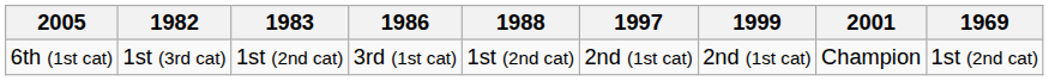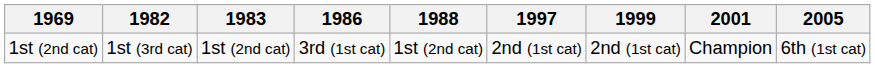 <table class="wikitable">
 <tr>
-<th>2005</th>
+<th>1969</th>
 <th>1982</th>
 <th>1983</th>
 <th>1986</th>
 <th>1988</th>
 <th>1997</th>
 <th>1999</th>
 <th>2001</th>
-<th>1969</th>
+<th>2005</th>
 </tr>
 <tr>
-<td><abbr>6th</abbr> <small>(<abbr>1st cat</abbr>)</small></td>
+<td><abbr>1st</abbr> <small>(<abbr>2nd cat</abbr>)</small></td>
 <td><abbr>1st</abbr> <small>(<abbr>3rd cat</abbr>)</small></td>
 <td><abbr>1st</abbr> <small>(<abbr>2nd cat</abbr>)</small></td>
 <td><abbr>3rd</abbr> <small>(<abbr>1st cat</abbr>)</small></td>
 <td><abbr>1st</abbr> <small>(<abbr>2nd cat</abbr>)</small></td>
 <td><abbr>2nd</abbr> <small>(<abbr>1st cat</abbr>)</small></td>
 <td><abbr>2nd</abbr> <small>(<abbr>1st cat</abbr>)</small></td>
 <td>Champion</td>
-<td><abbr>1st</abbr> <small>(<abbr>2nd cat</abbr>)</small></td>
+<td><abbr>6th</abbr> <small>(<abbr>1st cat</abbr>)</small></td>
 </tr>
 </table>
